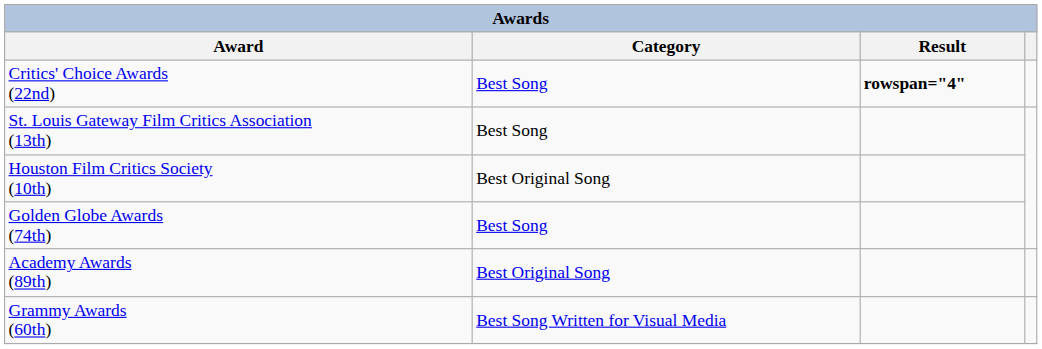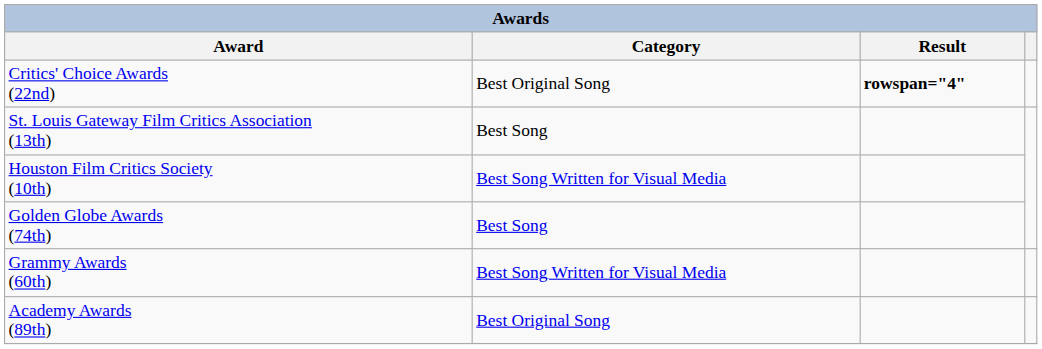 <table class="wikitable" style="width:75%;">
 <tr style="background:#ccc; text-align:center;">
 <th colspan="4" style="background: LightSteelBlue;">Awards</th>
 </tr>
 <tr style="background:#ccc; text-align:center;">
 <th>Award</th>
 <th>Category</th>
 <th>Result</th>
 <th></th>
 </tr>
 <tr>
 <td><a href='#'>Critics' Choice Awards</a> <br> (<a href='#'>22nd</a>)</td>
-<td><a href='#'>Best Song</a></td>
+<td>Best Original Song</td>
 <td><strong>rowspan="4" </strong></td>
 <td></td>
 </tr>
 <tr>
 <td><a href='#'>St. Louis Gateway Film Critics Association</a> <br> (<a href='#'>13th</a>)</td>
 <td>Best Song</td>
 <td></td>
 </tr>
 <tr>
 <td><a href='#'>Houston Film Critics Society</a> <br> (<a href='#'>10th</a>)</td>
-<td>Best Original Song</td>
+<td><a href='#'>Best Song Written for Visual Media</a></td>
 <td></td>
 </tr>
 <tr>
 <td><a href='#'>Golden Globe Awards</a> <br> (<a href='#'>74th</a>)</td>
 <td><a href='#'>Best Song</a></td>
+<td></td>
+</tr>
+<tr>
+<td><a href='#'>Grammy Awards</a> <br> (<a href='#'>60th</a>)</td>
+<td><a href='#'>Best Song Written for Visual Media</a></td>
+<td></td>
 <td></td>
 </tr>
 <tr>
 <td><a href='#'>Academy Awards</a> <br> (<a href='#'>89th</a>)</td>
 <td><a href='#'>Best Original Song</a></td>
 <td></td>
 <td></td>
 </tr>
 <tr>
-<td><a href='#'>Grammy Awards</a> <br> (<a href='#'>60th</a>)</td>
-<td><a href='#'>Best Song Written for Visual Media</a></td>
-<td></td>
-<td></td>
-</tr>
-<tr>
 </tr>
 </table>
